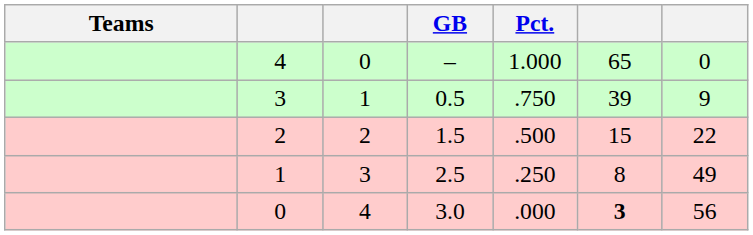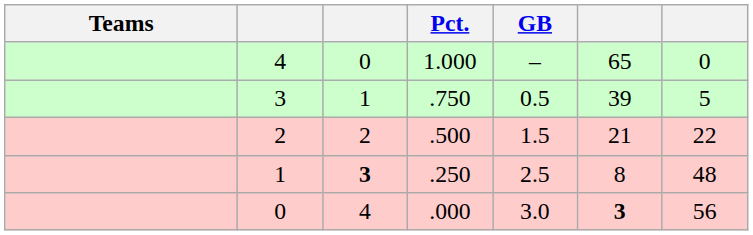 <table class="wikitable" style="text-align: center;">
 <tr>
 <th style="width: 150px;">Teams</th>
 <th style="width: 50px;"></th>
 <th style="width: 50px;"></th>
+<th style="width: 50px;"><a href='#'>Pct.</a></th>
 <th style="width: 50px;"><a href='#'>GB</a></th>
-<th style="width: 50px;"><a href='#'>Pct.</a></th>
 <th style="width: 50px;"></th>
 <th style="width: 50px;"></th>
 </tr>
 <tr style="background: #CFC;">
 <td style="text-align: left;"></td>
 <td>4</td>
 <td>0</td>
+<td>1.000</td>
 <td>–</td>
-<td>1.000</td>
 <td>65</td>
 <td>0</td>
 </tr>
 <tr style="background: #CFC;">
 <td style="text-align: left;"></td>
 <td>3</td>
 <td>1</td>
+<td>.750</td>
 <td>0.5</td>
-<td>.750</td>
 <td>39</td>
-<td>9</td>
+<td>5</td>
 </tr>
 <tr style="background: #FCC;">
 <td style="text-align: left;"></td>
 <td>2</td>
 <td>2</td>
+<td>.500</td>
 <td>1.5</td>
-<td>.500</td>
-<td>15</td>
+<td>21</td>
 <td>22</td>
 </tr>
 <tr style="background: #FCC;">
 <td style="text-align: left;"></td>
 <td>1</td>
-<td>3</td>
+<td><strong>3</strong></td>
+<td>.250</td>
 <td>2.5</td>
-<td>.250</td>
 <td>8</td>
-<td>49</td>
+<td>48</td>
 </tr>
 <tr style="background: #FCC;">
 <td style="text-align: left;"></td>
 <td>0</td>
 <td>4</td>
+<td>.000</td>
 <td>3.0</td>
-<td>.000</td>
 <td><strong>3</strong></td>
 <td>56</td>
 </tr>
 </table>
